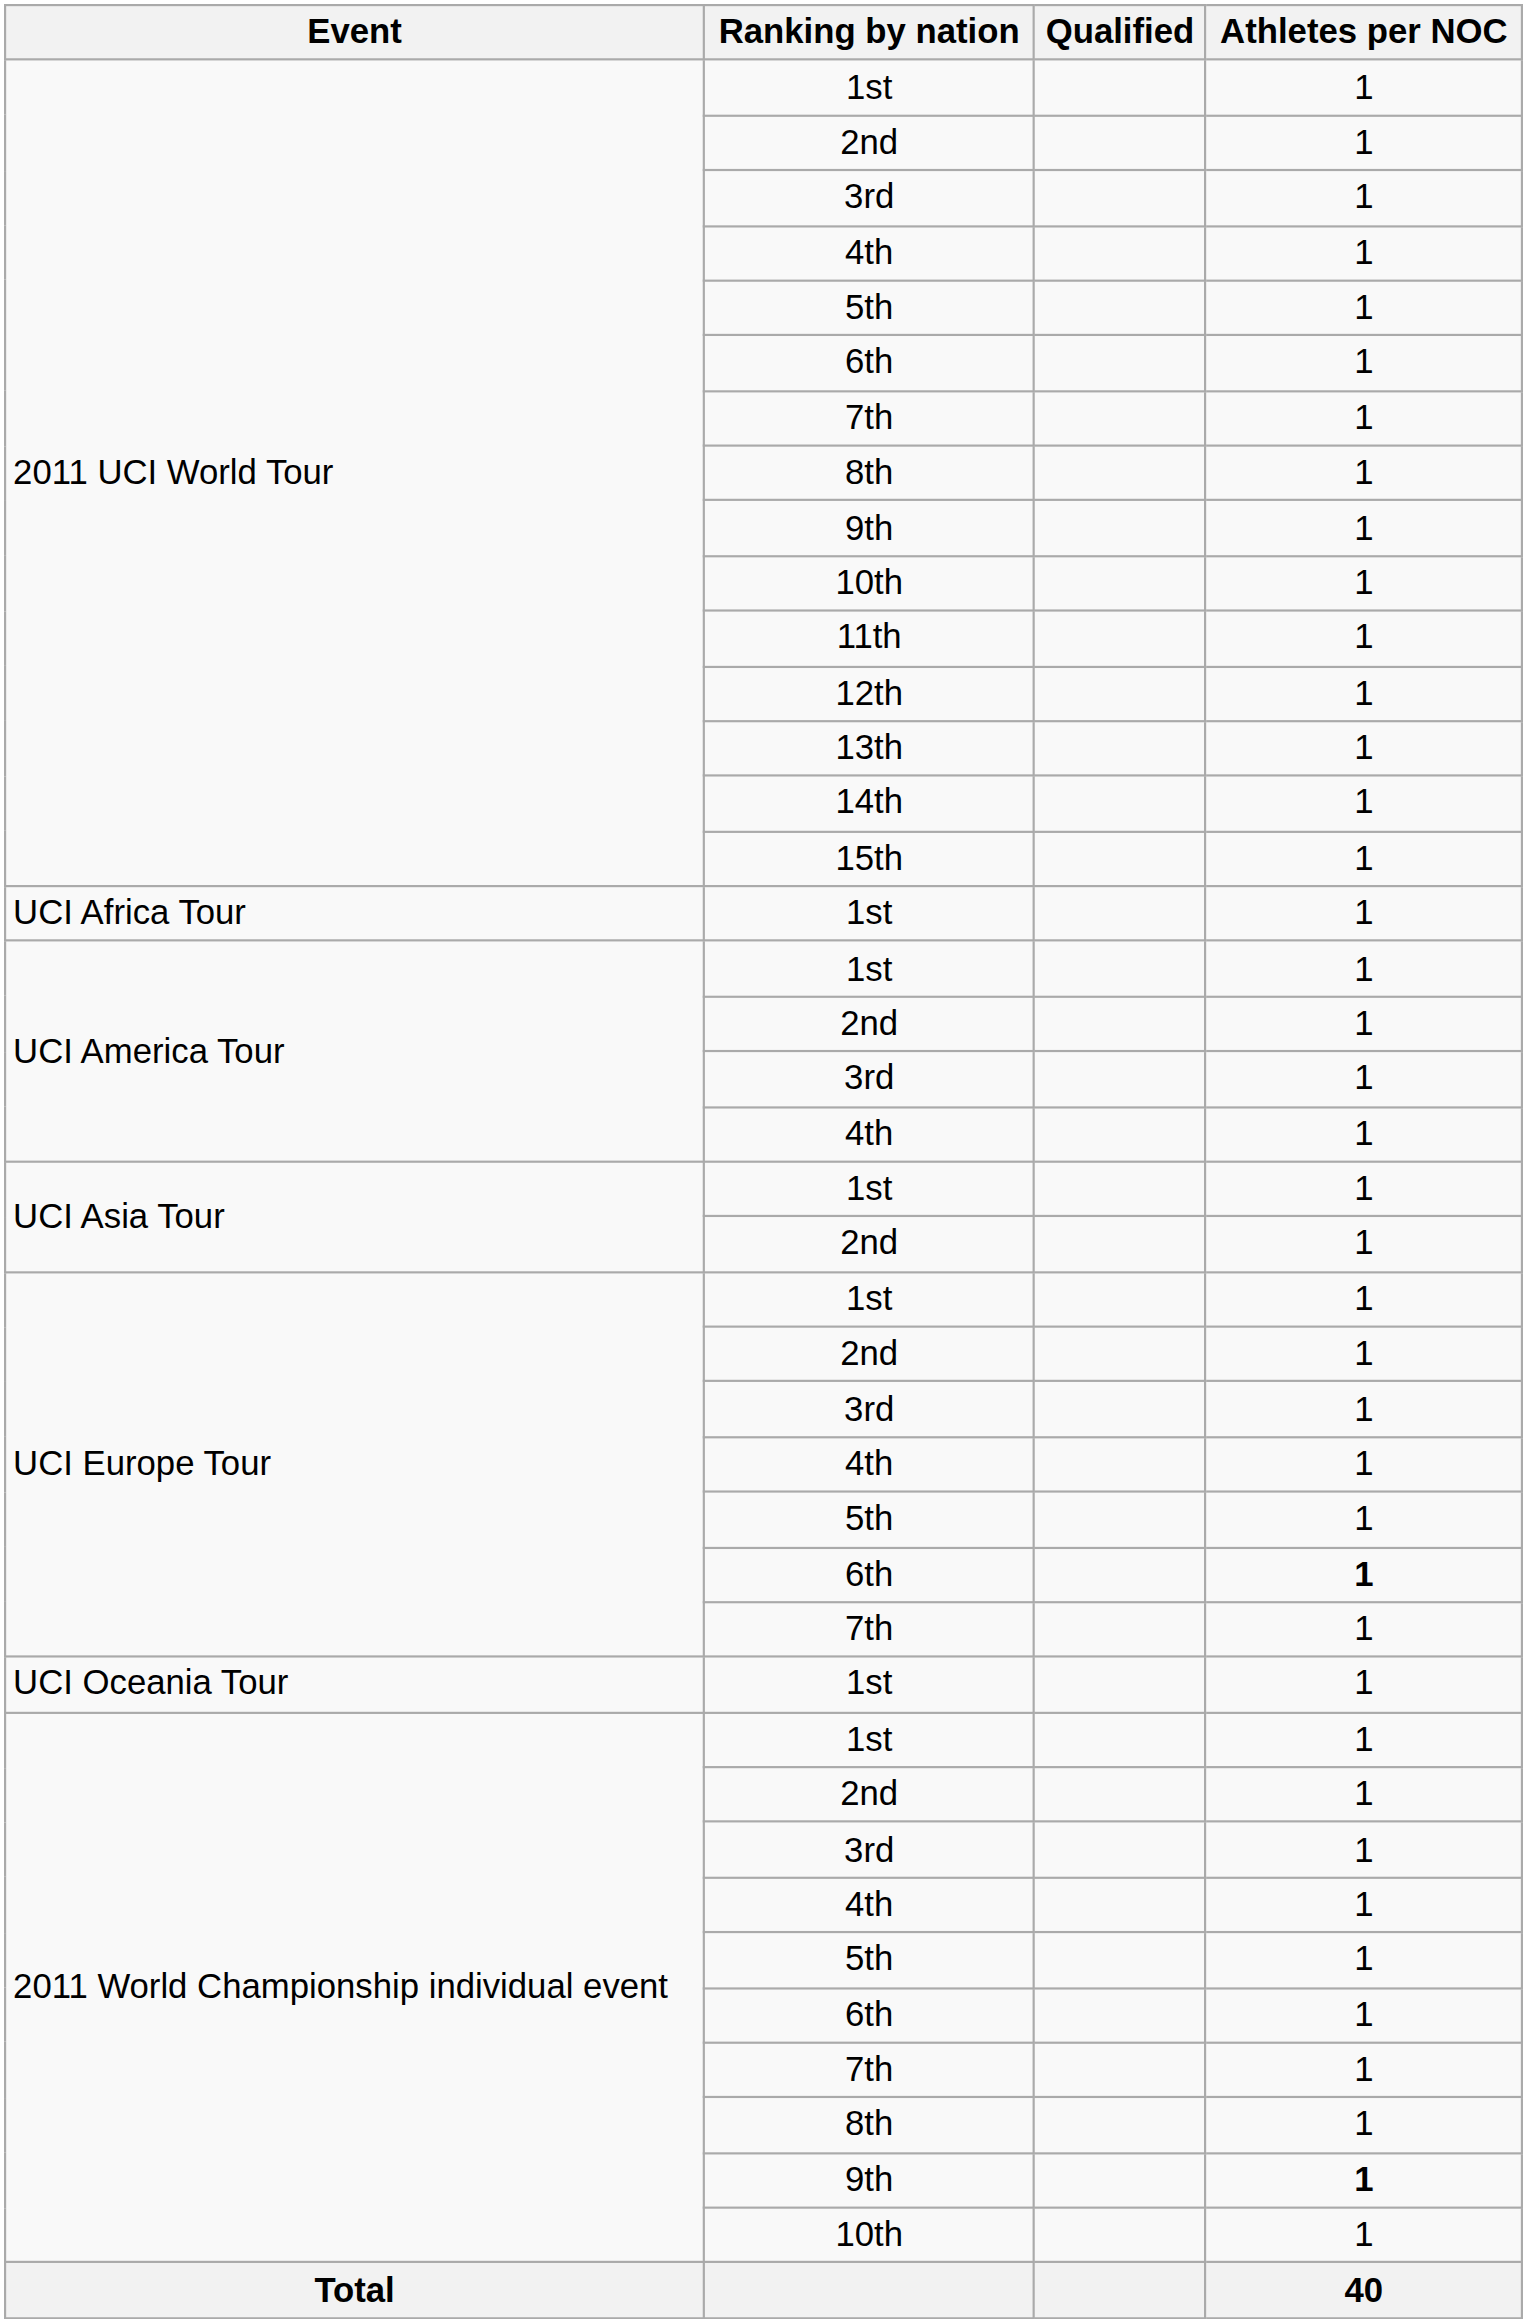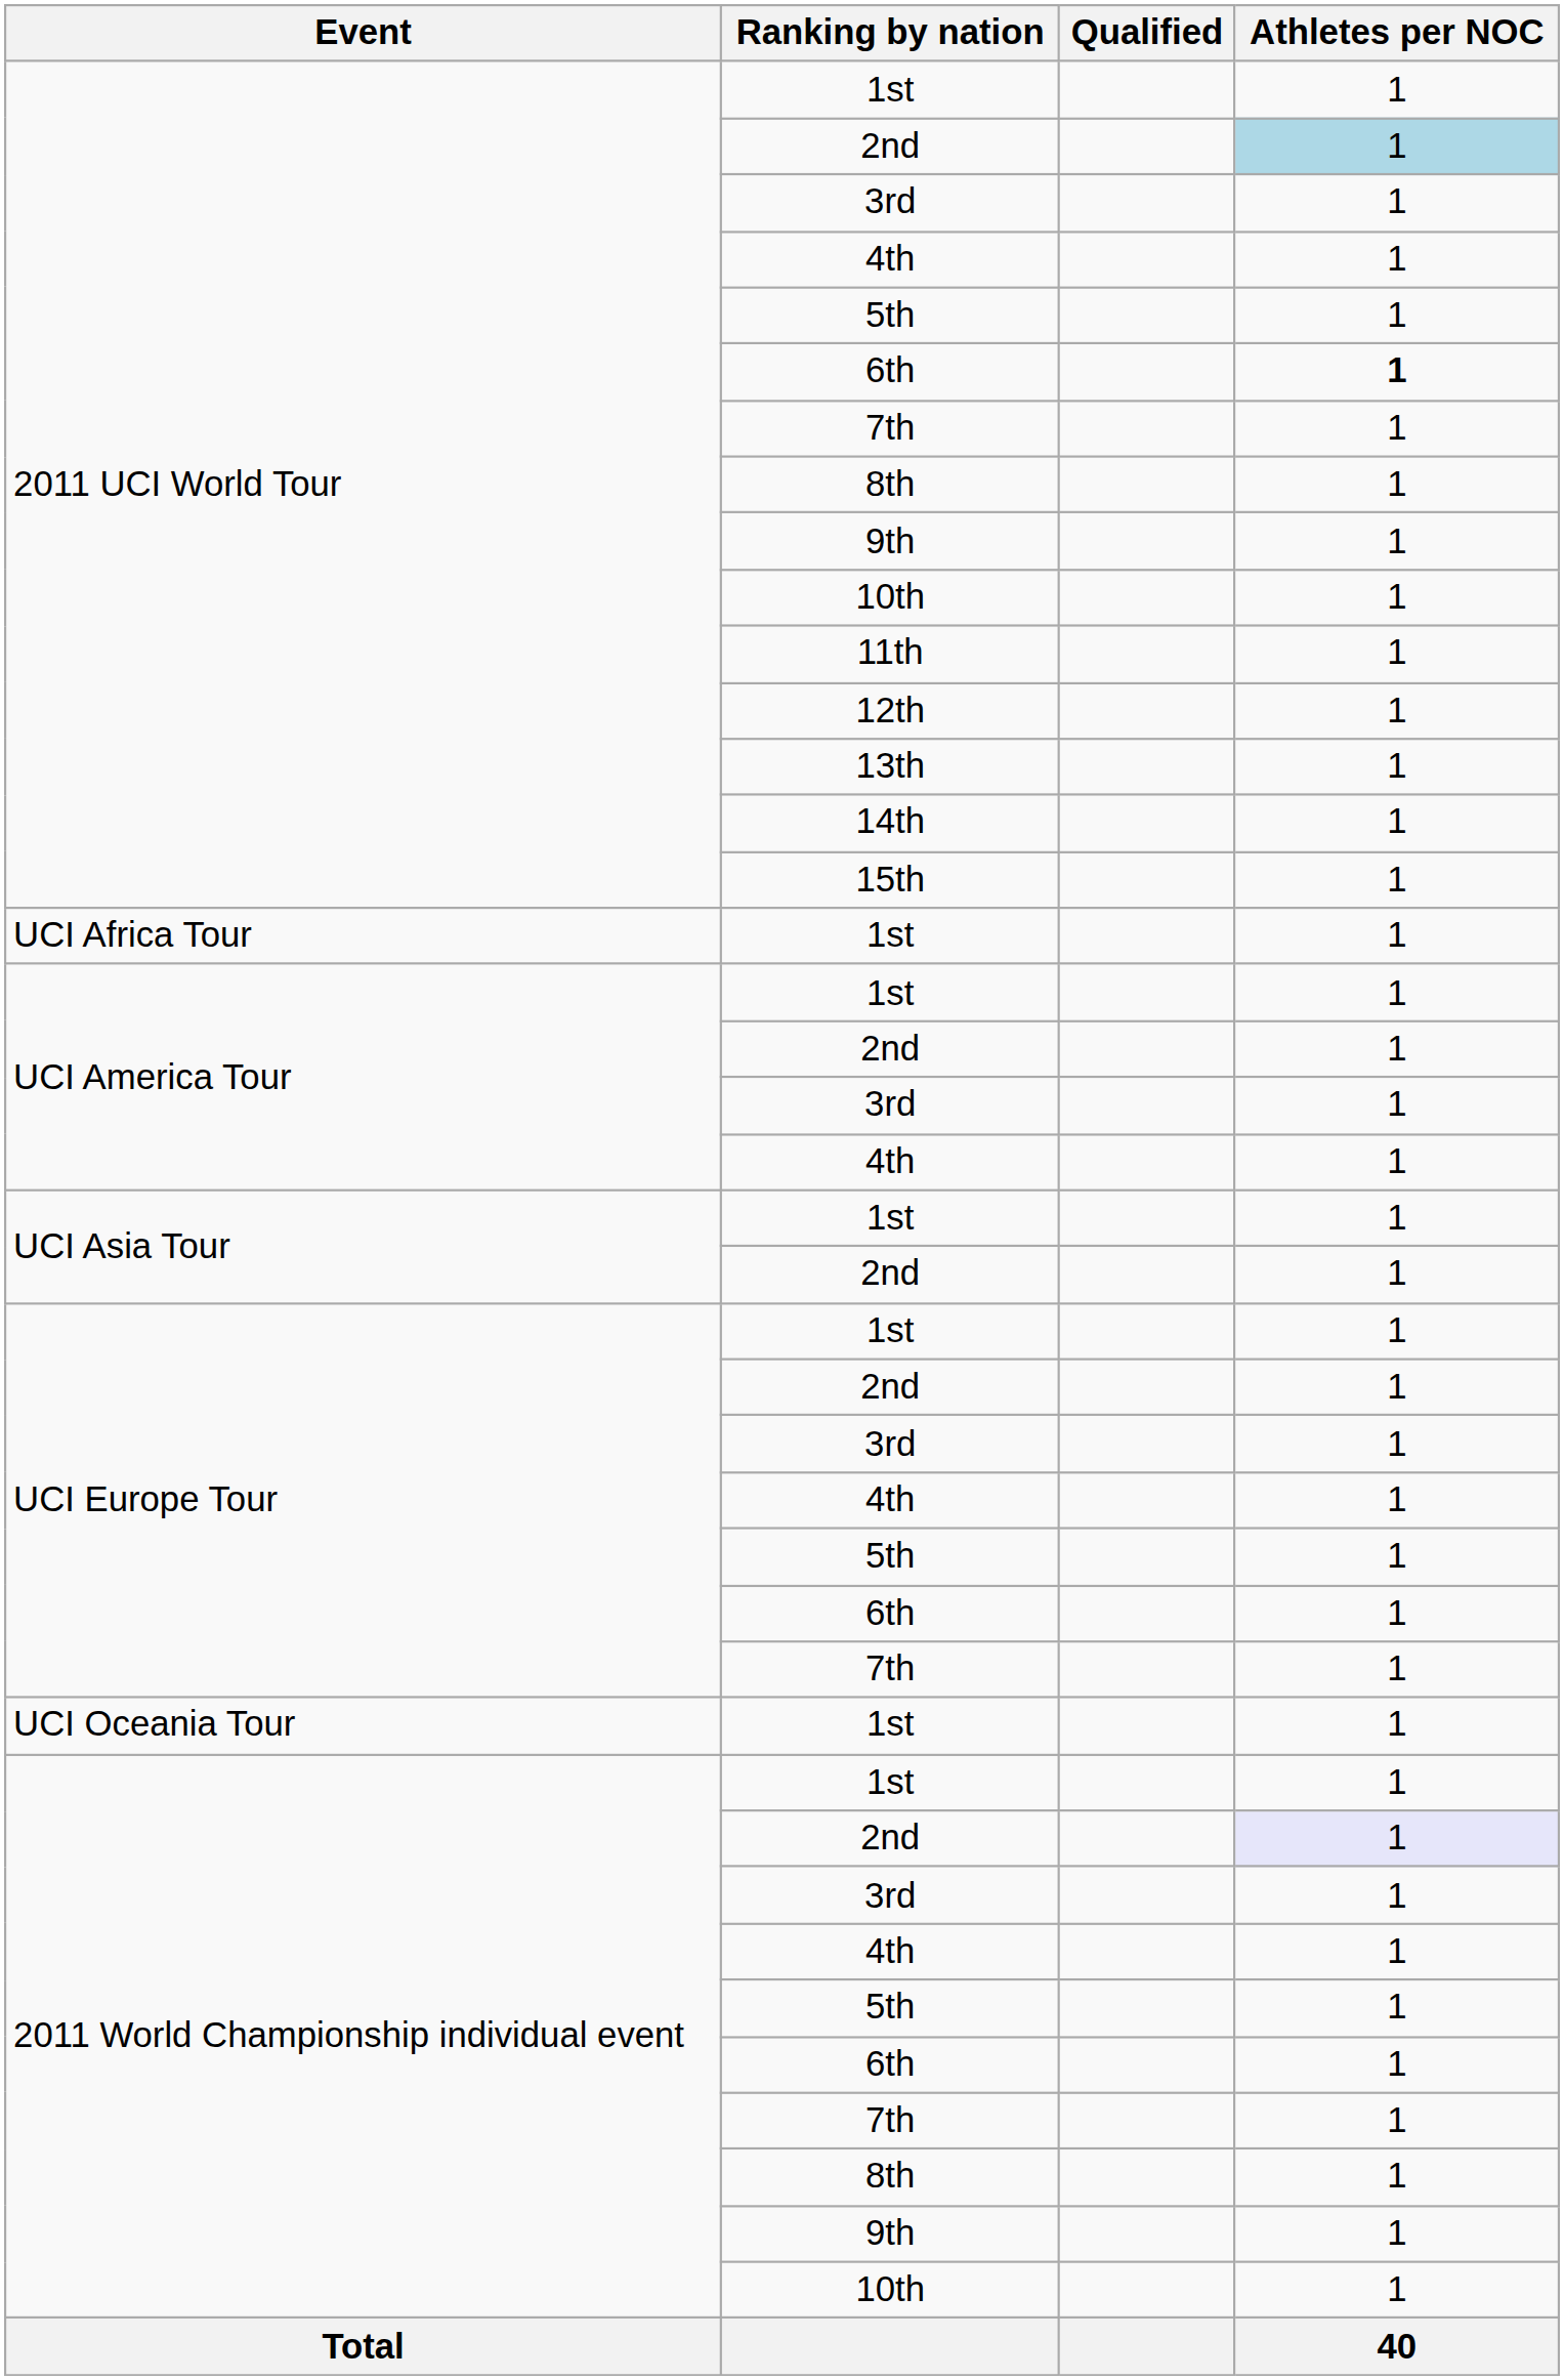 <table class="wikitable"  style="width:700px; text-align:center;">
 <tr>
 <th>Event</th>
 <th>Ranking by nation</th>
 <th>Qualified</th>
 <th>Athletes per NOC</th>
 </tr>
 <tr>
 <td rowspan="15" style="text-align:left;">2011 UCI World Tour</td>
 <td>1st</td>
 <td align="left"></td>
 <td>1</td>
 </tr>
 <tr>
 <td>2nd</td>
 <td align="left"></td>
-<td>1</td>
+<td style="background: lightblue;">1</td>
 </tr>
 <tr>
 <td>3rd</td>
 <td align="left"></td>
 <td>1</td>
 </tr>
 <tr>
 <td>4th</td>
 <td align="left"></td>
 <td>1</td>
 </tr>
 <tr>
 <td>5th</td>
 <td align="left"></td>
 <td>1</td>
 </tr>
 <tr>
 <td>6th</td>
 <td align="left"></td>
-<td>1</td>
+<td><strong>1</strong></td>
 </tr>
 <tr>
 <td>7th</td>
 <td align="left"></td>
 <td>1</td>
 </tr>
 <tr>
 <td>8th</td>
 <td align="left"></td>
 <td>1</td>
 </tr>
 <tr>
 <td>9th</td>
 <td align="left"></td>
 <td>1</td>
 </tr>
 <tr>
 <td>10th</td>
 <td align="left"></td>
 <td>1</td>
 </tr>
 <tr>
 <td>11th</td>
 <td align="left"></td>
 <td>1</td>
 </tr>
 <tr>
 <td>12th</td>
 <td align="left"></td>
 <td>1</td>
 </tr>
 <tr>
 <td>13th</td>
 <td align="left"></td>
 <td>1</td>
 </tr>
 <tr>
 <td>14th</td>
 <td align="left"></td>
 <td>1</td>
 </tr>
 <tr>
 <td>15th</td>
 <td align="left"></td>
 <td>1</td>
 </tr>
 <tr>
 <td align="left">UCI Africa Tour</td>
 <td>1st</td>
 <td align="left"></td>
 <td>1</td>
 </tr>
 <tr>
 <td rowspan="4" style="text-align:left;">UCI America Tour</td>
 <td>1st</td>
 <td align="left"></td>
 <td>1</td>
 </tr>
 <tr>
 <td>2nd</td>
 <td align="left"></td>
 <td>1</td>
 </tr>
 <tr>
 <td>3rd</td>
 <td align="left"></td>
 <td>1</td>
 </tr>
 <tr>
 <td>4th</td>
 <td align="left"></td>
 <td>1</td>
 </tr>
 <tr>
 <td rowspan="2" style="text-align:left;">UCI Asia Tour</td>
 <td>1st</td>
 <td align="left"></td>
 <td>1</td>
 </tr>
 <tr>
 <td>2nd</td>
 <td align="left"></td>
 <td>1</td>
 </tr>
 <tr>
 <td rowspan="7" style="text-align:left;">UCI Europe Tour</td>
 <td>1st</td>
 <td align="left"></td>
 <td>1</td>
 </tr>
 <tr>
 <td>2nd</td>
 <td align="left"></td>
 <td>1</td>
 </tr>
 <tr>
 <td>3rd</td>
 <td align="left"></td>
 <td>1</td>
 </tr>
 <tr>
 <td>4th</td>
 <td align="left"></td>
 <td>1</td>
 </tr>
 <tr>
 <td>5th</td>
 <td align="left"></td>
 <td>1</td>
 </tr>
 <tr>
 <td>6th</td>
 <td align="left"></td>
-<td><strong>1</strong></td>
+<td>1</td>
 </tr>
 <tr>
 <td>7th</td>
 <td align="left"></td>
 <td>1</td>
 </tr>
 <tr>
 <td align="left">UCI Oceania Tour</td>
 <td>1st</td>
 <td align="left"></td>
 <td>1</td>
 </tr>
 <tr>
 <td rowspan="10" style="text-align:left;">2011 World Championship individual event</td>
 <td>1st</td>
 <td align="left"></td>
 <td>1</td>
 </tr>
 <tr>
 <td>2nd</td>
 <td align="left"></td>
-<td>1</td>
+<td style="background: lavender;">1</td>
 </tr>
 <tr>
 <td>3rd</td>
 <td align="left"></td>
 <td>1</td>
 </tr>
 <tr>
 <td>4th</td>
 <td align="left"></td>
 <td>1</td>
 </tr>
 <tr>
 <td>5th</td>
 <td align="left"></td>
 <td>1</td>
 </tr>
 <tr>
 <td>6th</td>
 <td align="left"></td>
 <td>1</td>
 </tr>
 <tr>
 <td>7th</td>
 <td align="left"></td>
 <td>1</td>
 </tr>
 <tr>
 <td>8th</td>
 <td align="left"></td>
 <td>1</td>
 </tr>
 <tr>
 <td>9th</td>
 <td align="left"></td>
-<td><strong>1</strong></td>
+<td>1</td>
 </tr>
 <tr>
 <td>10th</td>
 <td align="left"></td>
 <td>1</td>
 </tr>
 <tr>
 <th>Total</th>
 <th></th>
 <th></th>
 <th>40</th>
 </tr>
 </table>
